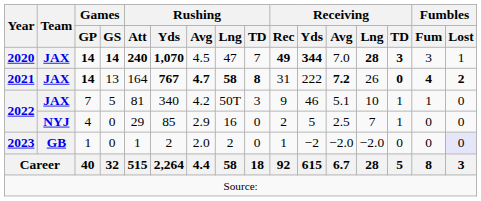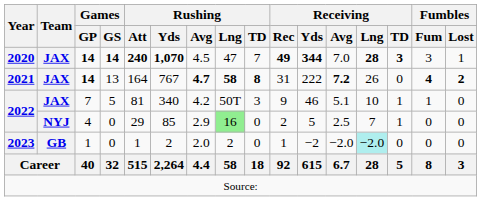 <table class="wikitable" style="text-align:center;">
 <tr>
 <th rowspan="2">Year</th>
 <th rowspan="2">Team</th>
 <th colspan="2">Games</th>
 <th colspan="5">Rushing</th>
 <th colspan="5">Receiving</th>
 <th colspan="2">Fumbles</th>
 </tr>
 <tr>
 <th>GP</th>
 <th>GS</th>
 <th>Att</th>
 <th>Yds</th>
 <th>Avg</th>
 <th>Lng</th>
 <th>TD</th>
 <th>Rec</th>
 <th>Yds</th>
 <th>Avg</th>
 <th>Lng</th>
 <th>TD</th>
 <th>Fum</th>
 <th>Lost</th>
 </tr>
 <tr>
 <th><a href='#'>2020</a></th>
 <th><a href='#'>JAX</a></th>
 <td><strong>14</strong></td>
 <td><strong>14</strong></td>
 <td><strong>240</strong></td>
 <td><strong>1,070</strong></td>
 <td>4.5</td>
 <td>47</td>
 <td>7</td>
 <td><strong>49</strong></td>
 <td><strong>344</strong></td>
 <td>7.0</td>
 <td><strong>28</strong></td>
 <td><strong>3</strong></td>
 <td>3</td>
 <td>1</td>
 </tr>
 <tr>
 <th><a href='#'>2021</a></th>
 <th><a href='#'>JAX</a></th>
 <td><strong>14</strong></td>
 <td>13</td>
 <td>164</td>
-<td><strong>767</strong></td>
+<td>767</td>
 <td><strong>4.7</strong></td>
 <td><strong>58</strong></td>
 <td><strong>8</strong></td>
 <td>31</td>
 <td>222</td>
 <td><strong>7.2</strong></td>
 <td>26</td>
-<td><strong>0</strong></td>
+<td>0</td>
 <td><strong>4</strong></td>
 <td><strong>2</strong></td>
 </tr>
 <tr>
 <th rowspan="2"><a href='#'>2022</a></th>
 <th><a href='#'>JAX</a></th>
 <td>7</td>
 <td>5</td>
 <td>81</td>
 <td>340</td>
 <td>4.2</td>
 <td>50T</td>
 <td>3</td>
 <td>9</td>
 <td>46</td>
 <td>5.1</td>
 <td>10</td>
 <td>1</td>
 <td>1</td>
 <td>0</td>
 </tr>
 <tr>
 <th><a href='#'>NYJ</a></th>
 <td>4</td>
 <td>0</td>
 <td>29</td>
 <td>85</td>
 <td>2.9</td>
-<td>16</td>
+<td style="background: lightgreen;">16</td>
 <td>0</td>
 <td>2</td>
 <td>5</td>
 <td>2.5</td>
 <td>7</td>
 <td>1</td>
 <td>0</td>
 <td>0</td>
 </tr>
 <tr>
 <th><a href='#'>2023</a></th>
 <th><a href='#'>GB</a></th>
 <td>1</td>
 <td>0</td>
 <td>1</td>
 <td>2</td>
 <td>2.0</td>
 <td>2</td>
 <td>0</td>
 <td>1</td>
 <td>−2</td>
 <td>−2.0</td>
-<td>−2.0</td>
+<td style="background: paleturquoise;">−2.0</td>
 <td>0</td>
 <td>0</td>
-<td style="background: lavender;">0</td>
+<td>0</td>
 </tr>
 <tr>
 <th colspan="2">Career</th>
 <th>40</th>
 <th>32</th>
 <th>515</th>
 <th>2,264</th>
 <th>4.4</th>
 <th>58</th>
 <th>18</th>
 <th>92</th>
 <th>615</th>
 <th>6.7</th>
 <th>28</th>
 <th>5</th>
 <th>8</th>
 <th>3</th>
 </tr>
 <tr>
 <td colspan="16"><small>Source: </small></td>
 </tr>
 </table>
